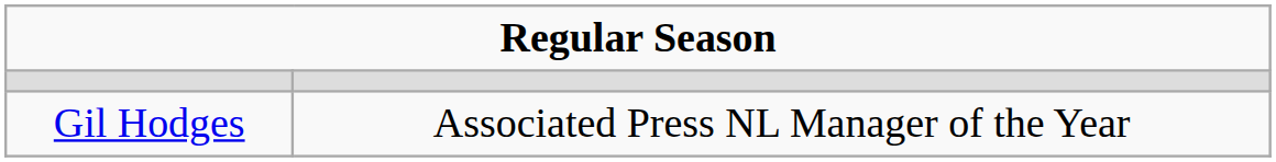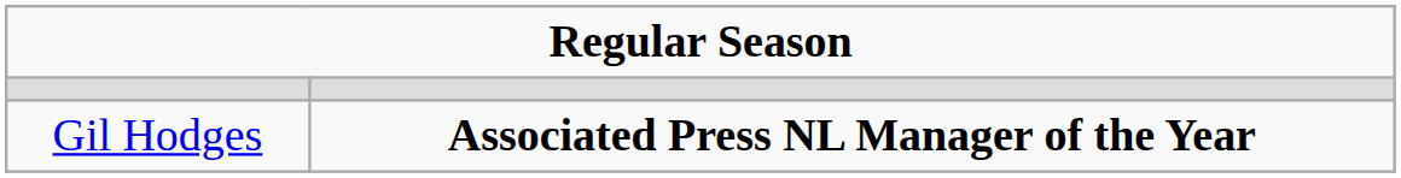 <table class="wikitable" style="width:55%;">
 <tr align="center">
 <td colspan="10" style="text-align:center;"><strong>Regular Season</strong></td>
 </tr>
 <tr style="text-align:center; background:#ddd;">
 <td></td>
 <td></td>
 </tr>
 <tr align="center">
 <td><a href='#'>Gil Hodges</a></td>
-<td>Associated Press NL Manager of the Year</td>
+<td><strong>Associated Press NL Manager of the Year</strong></td>
 </tr>
 </table>
